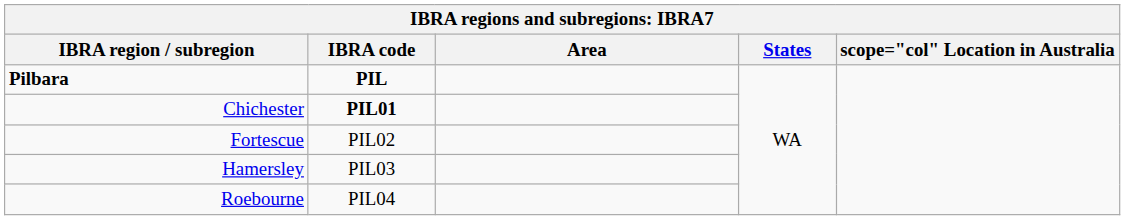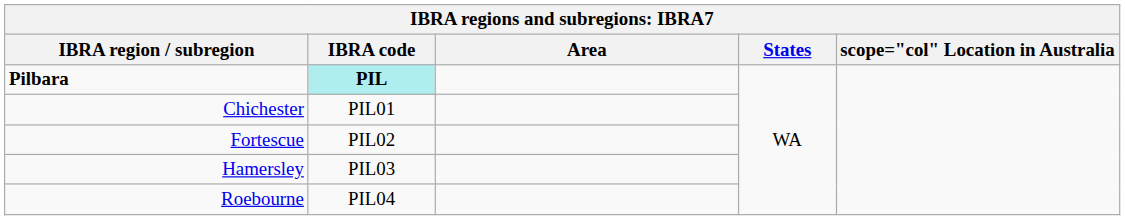 <table class="wikitable sortable">
 <tr>
 <th rowwidth=100px colspan=5>IBRA regions and subregions: IBRA7</th>
 </tr>
 <tr>
 <th scope="col" width="250px">IBRA region / subregion</th>
 <th scope="col" width="100px">IBRA code</th>
 <th scope="col" width="250px">Area</th>
 <th scope="col" width="75px"><a href='#'>States</a></th>
 <th>scope="col" Location in Australia</th>
 </tr>
 <tr>
 <td><strong>Pilbara</strong></td>
-<td align="center"><strong>PIL</strong></td>
+<td align="center" style="background: paleturquoise;"><strong>PIL</strong></td>
 <td align="right"><strong></strong></td>
 <td align="center" rowspan=5>WA</td>
 <td align="center" rowspan=5 colspan=3></td>
 </tr>
 <tr>
 <td align="right"><a href='#'>Chichester</a></td>
-<td align="center"><strong>PIL01</strong></td>
+<td align="center">PIL01</td>
 <td align="right"></td>
 </tr>
 <tr>
 <td align="right"><a href='#'>Fortescue</a></td>
 <td align="center">PIL02</td>
 <td align="right"></td>
 </tr>
 <tr>
 <td align="right"><a href='#'>Hamersley</a></td>
 <td align="center">PIL03</td>
 <td align="right"></td>
 </tr>
 <tr>
 <td align="right"><a href='#'>Roebourne</a></td>
 <td align="center">PIL04</td>
 <td align="right"></td>
 </tr>
 </table>
